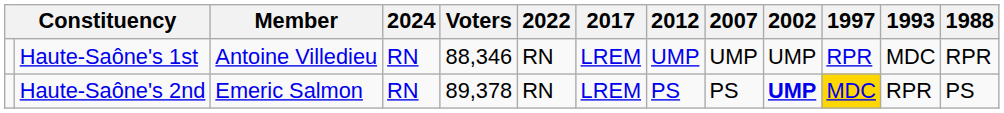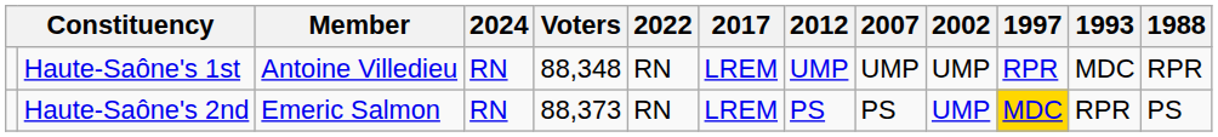 <table class="wikitable sortable">
 <tr>
 <th colspan="2">Constituency</th>
 <th>Member</th>
 <th>2024</th>
 <th>Voters</th>
 <th>2022</th>
 <th>2017</th>
 <th>2012</th>
 <th>2007</th>
 <th>2002</th>
 <th>1997</th>
 <th>1993</th>
 <th>1988</th>
 </tr>
 <tr>
 <td style="background-color: "></td>
 <td><a href='#'>Haute-Saône's 1st</a></td>
 <td><a href='#'>Antoine Villedieu</a></td>
 <td><a href='#'>RN</a></td>
-<td>88,346</td>
+<td>88,348</td>
 <td>RN</td>
 <td><a href='#'>LREM</a></td>
 <td><a href='#'>UMP</a></td>
 <td>UMP</td>
 <td>UMP</td>
 <td><a href='#'>RPR</a></td>
 <td>MDC</td>
 <td>RPR</td>
 </tr>
 <tr>
 <td style="background-color: "></td>
 <td><a href='#'>Haute-Saône's 2nd</a></td>
 <td><a href='#'>Emeric Salmon</a></td>
 <td><a href='#'>RN</a></td>
-<td>89,378</td>
+<td>88,373</td>
 <td>RN</td>
 <td><a href='#'>LREM</a></td>
 <td><a href='#'>PS</a></td>
 <td>PS</td>
-<td><strong><a href='#'>UMP</a></strong></td>
+<td><a href='#'>UMP</a></td>
 <td style="background: gold;"><a href='#'>MDC</a></td>
 <td>RPR</td>
 <td>PS</td>
 </tr>
 </table>
